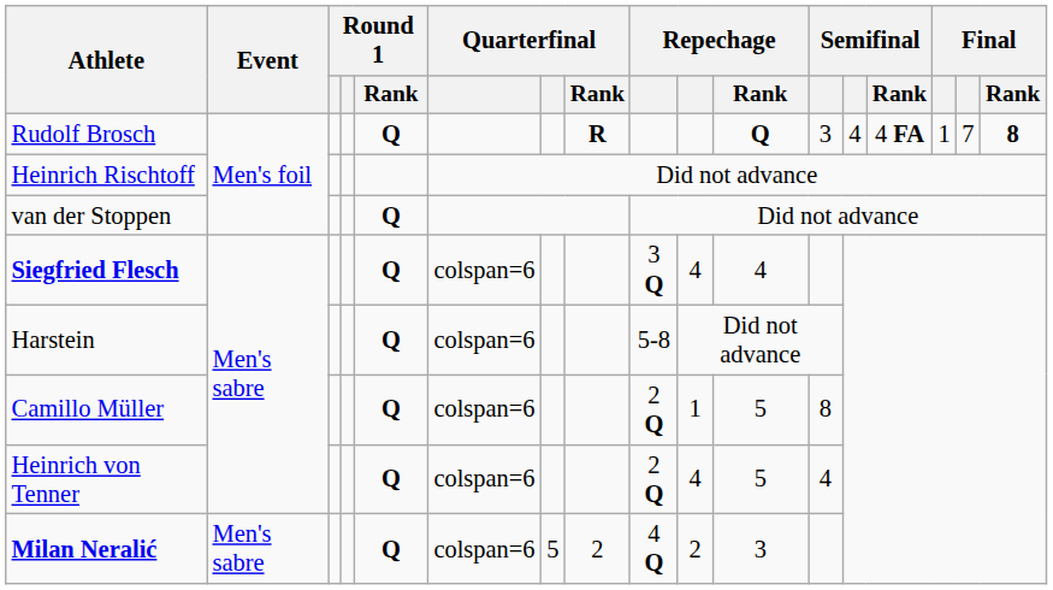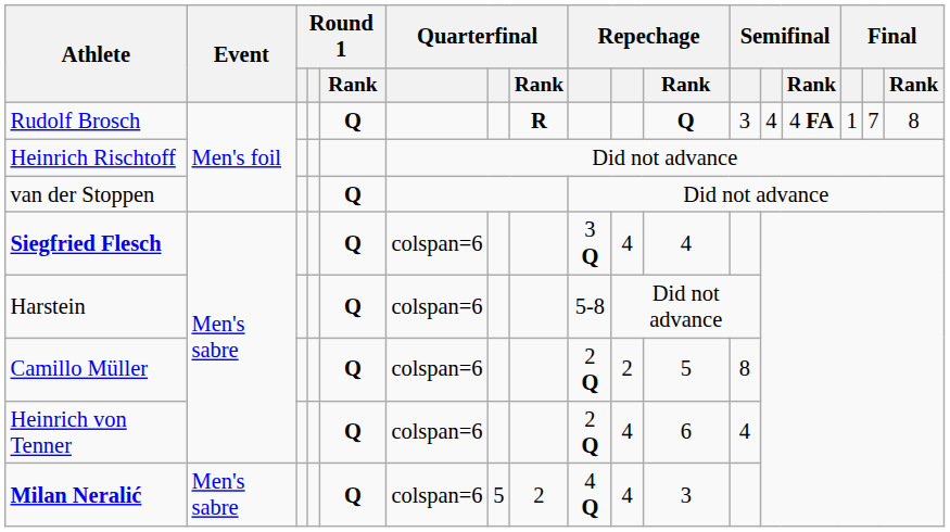 <table class="wikitable" style="font-size:90%">
 <tr>
 <th rowspan="2">Athlete</th>
 <th rowspan="2">Event</th>
 <th colspan="3">Round 1</th>
 <th colspan="3">Quarterfinal</th>
 <th colspan="3">Repechage</th>
 <th colspan="3">Semifinal</th>
 <th colspan="3">Final</th>
 </tr>
 <tr style="font-size:95%">
 <th></th>
 <th></th>
 <th>Rank</th>
 <th></th>
 <th></th>
 <th>Rank</th>
 <th></th>
 <th></th>
 <th>Rank</th>
 <th></th>
 <th></th>
 <th>Rank</th>
 <th></th>
 <th></th>
 <th>Rank</th>
 </tr>
 <tr align=center>
 <td align=left><a href='#'>Rudolf Brosch</a></td>
 <td align=left rowspan=3><a href='#'>Men's foil</a></td>
 <td></td>
 <td></td>
 <td><strong>Q</strong></td>
 <td></td>
 <td></td>
 <td><strong>R</strong></td>
 <td></td>
 <td></td>
 <td><strong>Q</strong></td>
 <td>3</td>
 <td>4</td>
 <td>4 <strong>FA</strong></td>
 <td>1</td>
 <td>7</td>
-<td><strong>8</strong></td>
+<td>8</td>
 </tr>
 <tr align=center>
 <td align=left><a href='#'>Heinrich Rischtoff</a></td>
 <td></td>
 <td></td>
 <td></td>
 <td colspan=12>Did not advance</td>
 </tr>
 <tr align=center>
 <td align=left>van der Stoppen</td>
 <td></td>
 <td></td>
 <td><strong>Q</strong></td>
 <td colspan=3></td>
 <td colspan=9>Did not advance</td>
 </tr>
 <tr align=center>
 <td align=left><strong><a href='#'>Siegfried Flesch</a></strong></td>
 <td align=left rowspan=4><a href='#'>Men's sabre</a></td>
 <td></td>
 <td></td>
 <td><strong>Q</strong></td>
 <td>colspan=6 </td>
 <td></td>
 <td></td>
 <td>3 <strong>Q</strong></td>
 <td>4</td>
 <td>4</td>
 <td></td>
 </tr>
 <tr align=center>
 <td align=left>Harstein</td>
 <td></td>
 <td></td>
 <td><strong>Q</strong></td>
 <td>colspan=6 </td>
 <td></td>
 <td></td>
 <td>5-8</td>
 <td colspan=3>Did not advance</td>
 </tr>
 <tr align=center>
 <td align=left><a href='#'>Camillo Müller</a></td>
 <td></td>
 <td></td>
 <td><strong>Q</strong></td>
 <td>colspan=6 </td>
 <td></td>
 <td></td>
 <td>2 <strong>Q</strong></td>
-<td>1</td>
+<td>2</td>
 <td>5</td>
 <td>8</td>
 </tr>
 <tr align=center>
 <td align=left><a href='#'>Heinrich von Tenner</a></td>
 <td></td>
 <td></td>
 <td><strong>Q</strong></td>
 <td>colspan=6 </td>
 <td></td>
 <td></td>
 <td>2 <strong>Q</strong></td>
 <td>4</td>
-<td>5</td>
+<td>6</td>
 <td>4</td>
 </tr>
 <tr align=center>
 <td align=left><strong><a href='#'>Milan Neralić</a></strong></td>
 <td align=left><a href='#'>Men's sabre</a></td>
 <td></td>
 <td></td>
 <td><strong>Q</strong></td>
 <td>colspan=6 </td>
 <td>5</td>
 <td>2</td>
 <td>4 <strong>Q</strong></td>
-<td>2</td>
+<td>4</td>
 <td>3</td>
 <td></td>
 </tr>
 </table>
